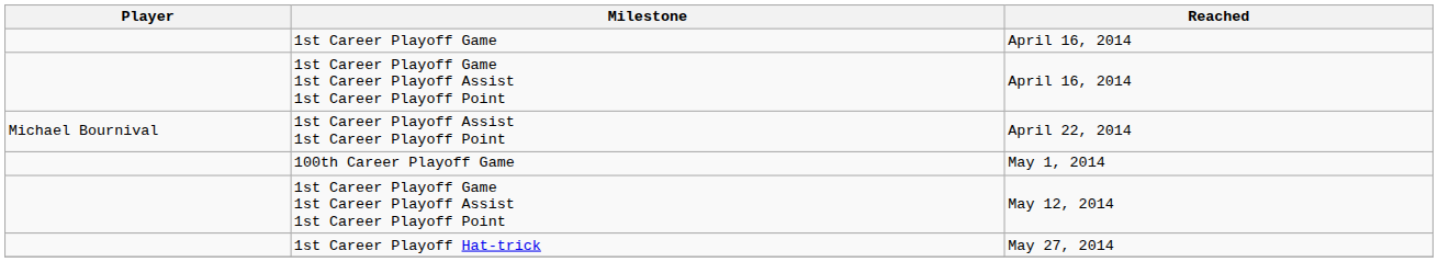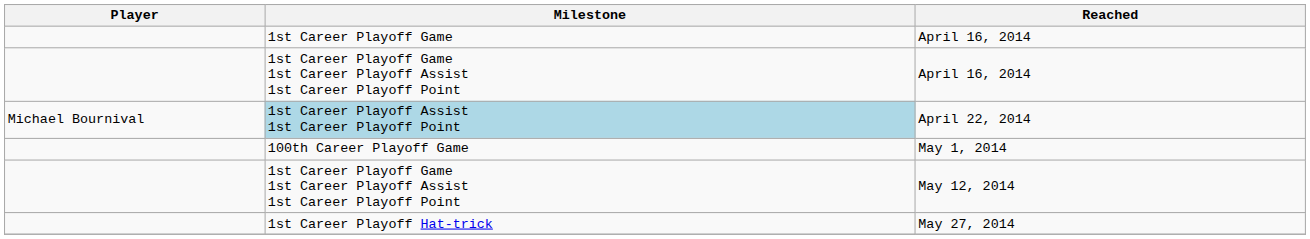 <table class="wikitable sortable" style="width:100%;">
 <tr align=center>
 <th style="width:20%;">Player</th>
 <th style="width:50%;">Milestone</th>
 <th style="width:30%;" data-sort-type="date">Reached</th>
 </tr>
 <tr>
 <td></td>
 <td>1st Career Playoff Game</td>
 <td>April 16, 2014</td>
 </tr>
 <tr>
 <td></td>
 <td>1st Career Playoff Game<br>1st Career Playoff Assist<br>1st Career Playoff Point</td>
 <td>April 16, 2014</td>
 </tr>
 <tr>
 <td>Michael Bournival</td>
-<td>1st Career Playoff Assist<br>1st Career Playoff Point</td>
+<td style="background: lightblue;">1st Career Playoff Assist<br>1st Career Playoff Point</td>
 <td>April 22, 2014</td>
 </tr>
 <tr>
 <td></td>
 <td>100th Career Playoff Game</td>
 <td>May 1, 2014</td>
 </tr>
 <tr>
 <td></td>
 <td>1st Career Playoff Game<br>1st Career Playoff Assist<br>1st Career Playoff Point</td>
 <td>May 12, 2014</td>
 </tr>
 <tr>
 <td></td>
 <td>1st Career Playoff <a href='#'>Hat-trick</a></td>
 <td>May 27, 2014</td>
 </tr>
 <tr>
 </tr>
 </table>
